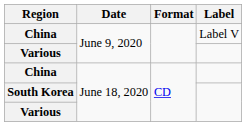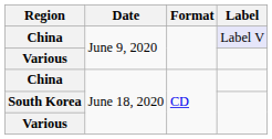 <table class="wikitable plainrowheaders">
 <tr>
 <th scope="col">Region</th>
 <th scope="col">Date</th>
 <th scope="col">Format</th>
 <th scope="col">Label</th>
 </tr>
 <tr>
 <th scope="row">China</th>
 <td rowspan="2">June 9, 2020</td>
 <td rowspan="2"></td>
-<td rowspan="1">Label V</td>
+<td rowspan="1" style="background: lavender;">Label V</td>
 </tr>
 <tr>
 <th scope="row">Various</th>
 <td></td>
 </tr>
 <tr>
 <th scope="row">China</th>
 <td rowspan="3">June 18, 2020</td>
 <td rowspan="3"><a href='#'>CD</a></td>
 <td></td>
 </tr>
 <tr>
 <th scope="row">South Korea</th>
 <td rowspan="2"></td>
 </tr>
 <tr>
 <th scope="row">Various</th>
 </tr>
 </table>
